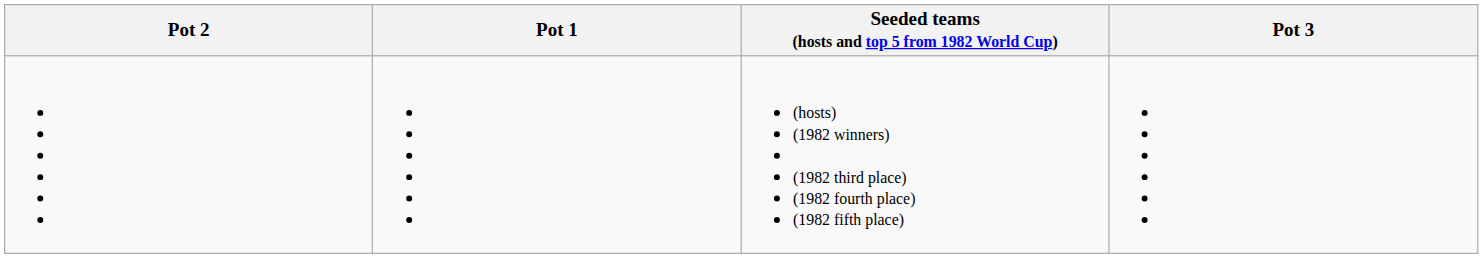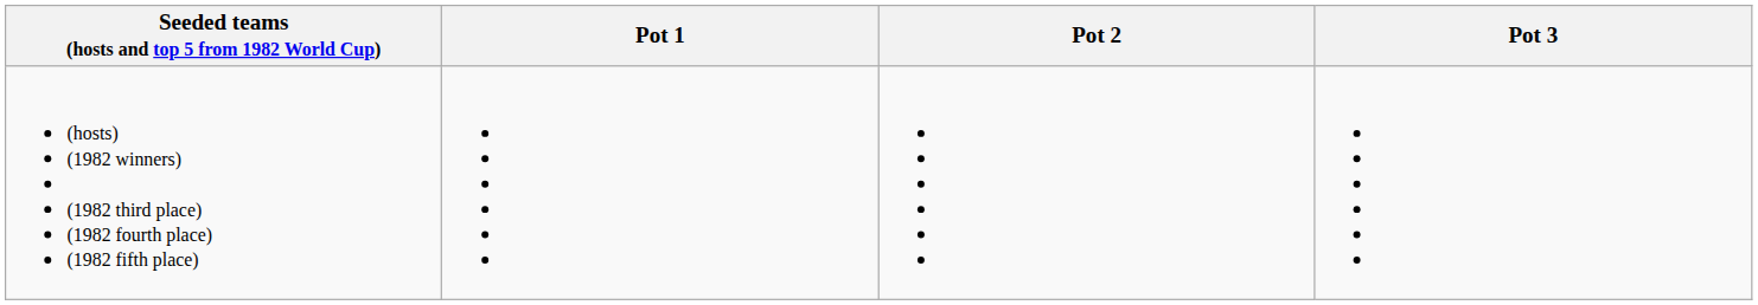 <table class="wikitable" width=98%>
 <tr>
+<th width=25%>Seeded teams<br><small>(hosts and <a href='#'>top 5 from 1982 World Cup</a>)</small></th>
+<th width=25%>Pot 1</th>
 <th width=25%>Pot 2</th>
-<th width=25%>Pot 1</th>
-<th width=25%>Seeded teams<br><small>(hosts and <a href='#'>top 5 from 1982 World Cup</a>)</small></th>
 <th width=25%>Pot 3</th>
 </tr>
 <tr>
+<td valign="top"><br><ul><li> <small>(hosts)</small></li><li> <small>(1982 winners)</small></li><li></li><li> <small>(1982 third place)</small></li><li> <small>(1982 fourth place)</small></li><li> <small>(1982 fifth place)</small></li></ul></td>
 <td valign="top"><br><ul><li></li><li></li><li></li><li></li><li></li><li></li></ul></td>
 <td valign="top"><br><ul><li></li><li></li><li></li><li></li><li></li><li></li></ul></td>
-<td valign="top"><br><ul><li> <small>(hosts)</small></li><li> <small>(1982 winners)</small></li><li></li><li> <small>(1982 third place)</small></li><li> <small>(1982 fourth place)</small></li><li> <small>(1982 fifth place)</small></li></ul></td>
 <td valign="top"><br><ul><li></li><li></li><li></li><li></li><li></li><li></li></ul></td>
 </tr>
 </table>
